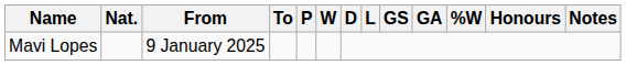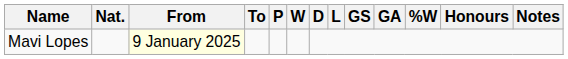 <table class="wikitable sortable" style="text-align: center">
 <tr>
 <th>Name</th>
 <th>Nat.</th>
 <th class="unsortable">From</th>
 <th class="unsortable">To</th>
 <th abbr="TOTAL OF MATCHES PLAYED">P</th>
 <th abbr="MATCHES WON">W</th>
 <th abbr="MATCHES DRAWN">D</th>
 <th abbr="MATCHES LOST">L</th>
 <th abbr="GOALS SCORED">GS</th>
 <th abbr="GOAL AGAINST">GA</th>
 <th abbr="PERCENTAGE OF MATCHES WON">%W</th>
 <th abbr="HONOURS">Honours</th>
 <th abbr="NOTES">Notes</th>
 </tr>
 <tr>
 <td align=left>Mavi Lopes</td>
 <td align=left></td>
-<td align=left>9 January 2025</td>
+<td align=left style="background: lightyellow;">9 January 2025</td>
 <td align=left><br></td>
 <td style="text-align:left;font-size:smaller"></td>
 <td></td>
 </tr>
 </table>
